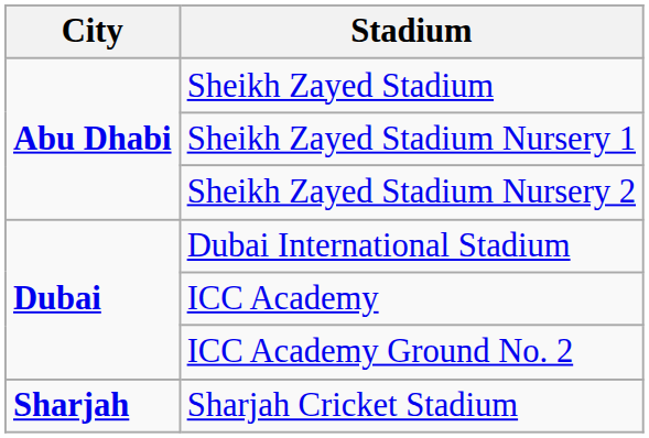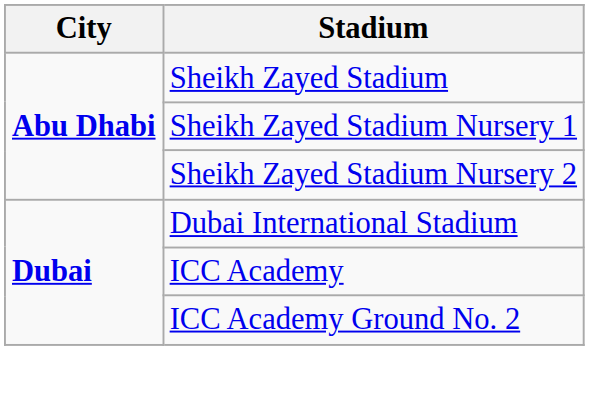 <table class="wikitable" style="align:left">
 <tr>
 <th>City</th>
 <th>Stadium</th>
 </tr>
 <tr>
 <td rowspan=3><strong><a href='#'>Abu Dhabi</a></strong></td>
 <td><a href='#'>Sheikh Zayed Stadium</a></td>
 </tr>
 <tr>
 <td><a href='#'>Sheikh Zayed Stadium Nursery 1</a></td>
 </tr>
 <tr>
 <td><a href='#'>Sheikh Zayed Stadium Nursery 2</a></td>
 </tr>
 <tr>
 <td rowspan=3><strong><a href='#'>Dubai</a></strong></td>
 <td><a href='#'>Dubai International Stadium</a></td>
 </tr>
 <tr>
 <td><a href='#'>ICC Academy</a></td>
 </tr>
 <tr>
 <td><a href='#'>ICC Academy Ground No. 2</a></td>
 </tr>
-<tr>
-<td><strong><a href='#'>Sharjah</a></strong></td>
-<td><a href='#'>Sharjah Cricket Stadium</a></td>
-</tr>
 </table>
